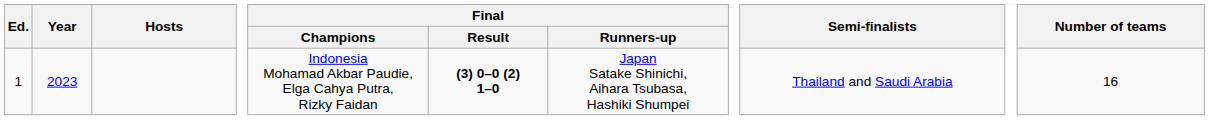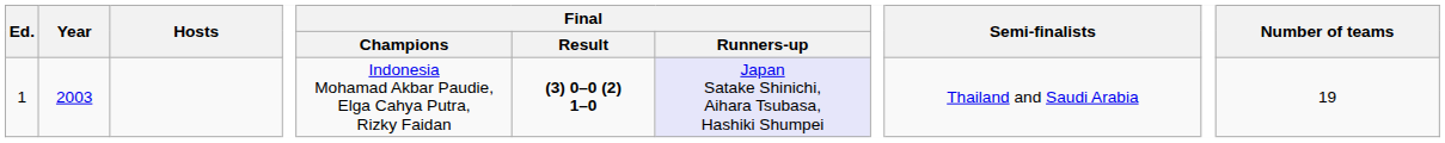 <table class="wikitable sortable" style="font-size:90%; text-align:center; width:100%;">
 <tr>
 <th rowspan="2" style="width:2%;">Ed.</th>
 <th rowspan="2" style="width:5%;">Year</th>
 <th rowspan="2" style="width:12%;">Hosts</th>
 <td width="1%" rowspan=21 style="background-color:#ffffff;border-top-style:hidden; border-bottom-style:hidden;"></td>
 <th colspan=3>Final</th>
 <td width="1%" rowspan=21 style="background-color:#ffffff;border-top-style:hidden; border-bottom-style:hidden;"></td>
 <th rowspan=2>Semi-finalists</th>
 <td width="1%" rowspan=21 style="background-color:#ffffff;border-top-style:hidden; border-bottom-style:hidden;"></td>
 <th rowspan=2>Number of teams</th>
 </tr>
 <tr>
 <th style="width:15%;">Champions</th>
 <th style="width:10%;">Result</th>
 <th style="width:15%;">Runners-up</th>
 </tr>
 <tr>
 <td>1</td>
-<td><a href='#'>2023</a></td>
+<td><a href='#'>2003</a></td>
 <td align=left></td>
 <td> <a href='#'>Indonesia</a> <br>Mohamad Akbar Paudie, <br>Elga Cahya Putra, <br>Rizky Faidan</td>
 <td><strong>(3) 0–0 (2) <br> 1–0</strong></td>
-<td> <a href='#'>Japan</a> <br>Satake Shinichi, <br>Aihara Tsubasa, <br>Hashiki Shumpei</td>
+<td style="background: lavender;"> <a href='#'>Japan</a> <br>Satake Shinichi, <br>Aihara Tsubasa, <br>Hashiki Shumpei</td>
 <td> <a href='#'>Thailand</a> and  <a href='#'>Saudi Arabia</a></td>
-<td>16</td>
+<td>19</td>
 </tr>
 </table>
